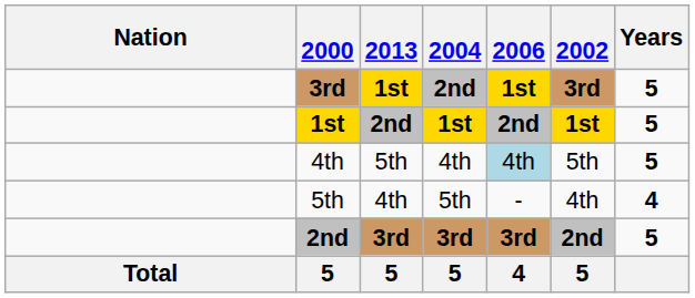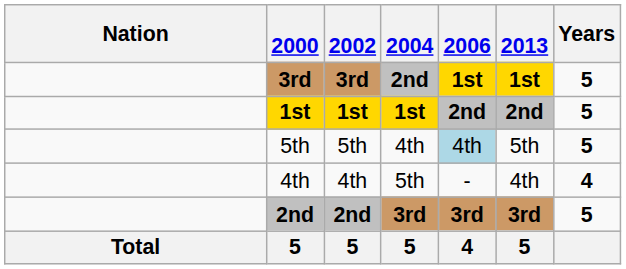 <table class="wikitable" style="text-align:center; font-size:90%">
 <tr>
 <th width=170>Nation</th>
 <th><br><a href='#'>2000</a></th>
-<th><br><a href='#'>2013</a></th>
+<th><br><a href='#'>2002</a></th>
 <th><br><a href='#'>2004</a></th>
 <th><br><a href='#'>2006</a></th>
-<th><br><a href='#'>2002</a></th>
+<th><br><a href='#'>2013</a></th>
 <th>Years</th>
 </tr>
 <tr>
 <td align=left></td>
 <td bgcolor=#cc9966><strong>3rd</strong></td>
-<td bgcolor=gold><strong>1st</strong></td>
+<td bgcolor=#cc9966><strong>3rd</strong></td>
 <td bgcolor=silver><strong>2nd</strong></td>
 <td bgcolor=gold><strong>1st</strong></td>
-<td bgcolor=#cc9966><strong>3rd</strong></td>
+<td bgcolor=gold><strong>1st</strong></td>
 <td><strong>5</strong></td>
 </tr>
 <tr>
 <td align=left></td>
 <td bgcolor=gold><strong>1st</strong></td>
-<td bgcolor=silver><strong>2nd</strong></td>
+<td bgcolor=gold><strong>1st</strong></td>
 <td bgcolor=gold><strong>1st</strong></td>
 <td bgcolor=silver><strong>2nd</strong></td>
-<td bgcolor=gold><strong>1st</strong></td>
+<td bgcolor=silver><strong>2nd</strong></td>
 <td><strong>5</strong></td>
 </tr>
 <tr>
 <td align=left></td>
-<td>4th</td>
+<td>5th</td>
 <td>5th</td>
 <td>4th</td>
 <td style="background: lightblue;">4th</td>
 <td>5th</td>
 <td><strong>5</strong></td>
 </tr>
 <tr>
 <td align=left></td>
-<td>5th</td>
+<td>4th</td>
 <td>4th</td>
 <td>5th</td>
 <td>-</td>
 <td>4th</td>
 <td><strong>4</strong></td>
 </tr>
 <tr>
 <td align=left></td>
 <td bgcolor=silver><strong>2nd</strong></td>
+<td bgcolor=silver><strong>2nd</strong></td>
 <td bgcolor=#cc9966><strong>3rd</strong></td>
 <td bgcolor=#cc9966><strong>3rd</strong></td>
 <td bgcolor=#cc9966><strong>3rd</strong></td>
-<td bgcolor=silver><strong>2nd</strong></td>
 <td><strong>5</strong></td>
 </tr>
 <tr>
 <th>Total</th>
 <th>5</th>
 <th>5</th>
 <th>5</th>
 <th>4</th>
 <th>5</th>
 <th></th>
 </tr>
 </table>
